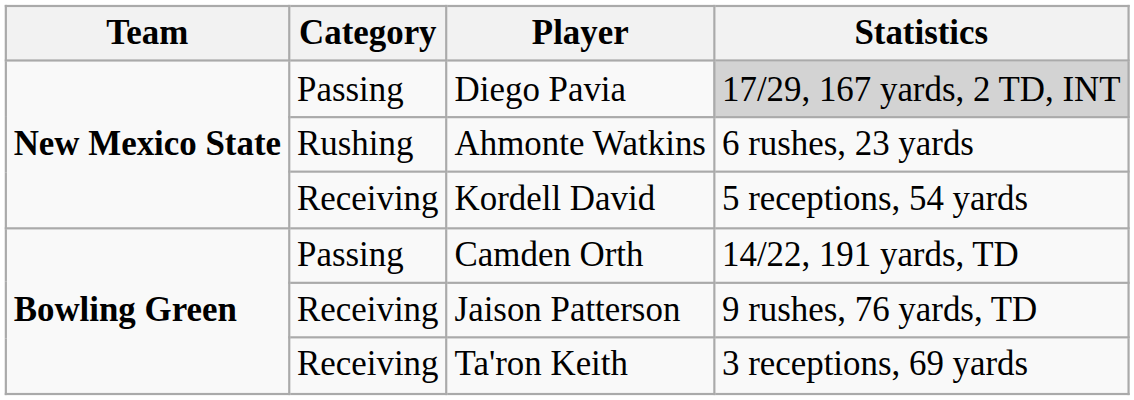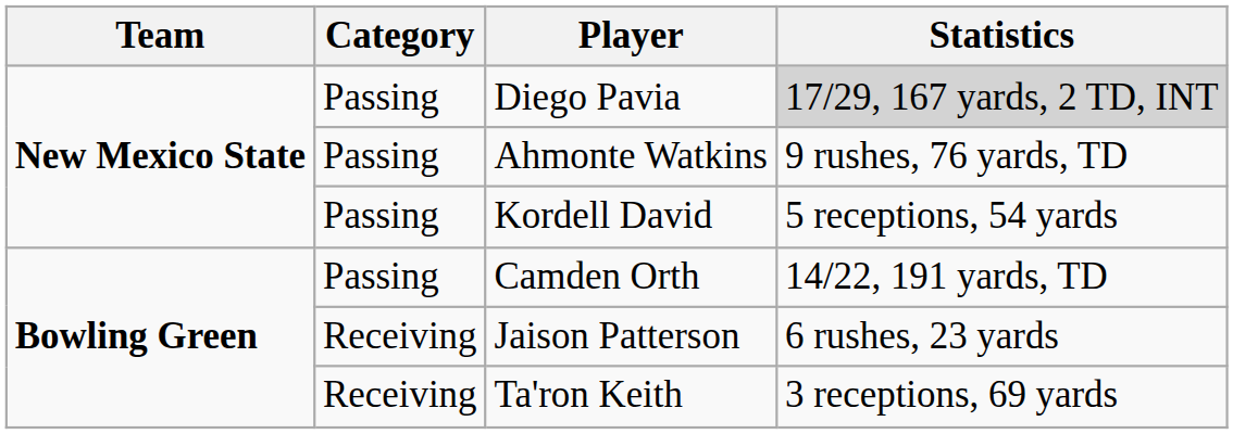 <table class="wikitable" style="float: right;">
 <tr>
 <th>Team</th>
 <th>Category</th>
 <th>Player</th>
 <th>Statistics</th>
 </tr>
 <tr>
 <td rowspan=3><strong>New Mexico State</strong></td>
 <td>Passing</td>
 <td>Diego Pavia</td>
 <td style="background: lightgrey;">17/29, 167 yards, 2 TD, INT</td>
 </tr>
 <tr>
-<td>Rushing</td>
+<td>Passing</td>
 <td>Ahmonte Watkins</td>
-<td>6 rushes, 23 yards</td>
+<td>9 rushes, 76 yards, TD</td>
 </tr>
 <tr>
-<td>Receiving</td>
+<td>Passing</td>
 <td>Kordell David</td>
 <td>5 receptions, 54 yards</td>
 </tr>
 <tr>
 <td rowspan=3><strong>Bowling Green</strong></td>
 <td>Passing</td>
 <td>Camden Orth</td>
 <td>14/22, 191 yards, TD</td>
 </tr>
 <tr>
 <td>Receiving</td>
 <td>Jaison Patterson</td>
-<td>9 rushes, 76 yards, TD</td>
+<td>6 rushes, 23 yards</td>
 </tr>
 <tr>
 <td>Receiving</td>
 <td>Ta'ron Keith</td>
 <td>3 receptions, 69 yards</td>
 </tr>
 </table>
